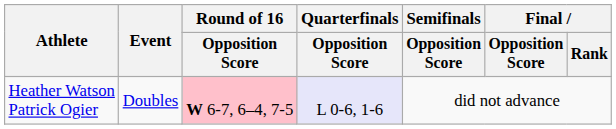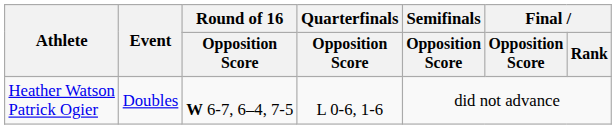 <table class=wikitable style="font-size:90%">
 <tr>
 <th rowspan=2>Athlete</th>
 <th rowspan=2>Event</th>
 <th>Round of 16</th>
 <th>Quarterfinals</th>
 <th>Semifinals</th>
 <th colspan=2>Final / </th>
 </tr>
 <tr style="font-size:95%">
 <th>Opposition<br>Score</th>
 <th>Opposition<br>Score</th>
 <th>Opposition<br>Score</th>
 <th>Opposition<br>Score</th>
 <th>Rank</th>
 </tr>
 <tr align=center>
 <td align=left><a href='#'>Heather Watson</a><br><a href='#'>Patrick Ogier</a></td>
 <td align=left rowspan=2><a href='#'>Doubles</a></td>
-<td style="background: pink;"><br><strong>W</strong> 6-7, 6–4, 7-5</td>
-<td style="background: lavender;"><br>L 0-6, 1-6</td>
+<td><br><strong>W</strong> 6-7, 6–4, 7-5</td>
+<td><br>L 0-6, 1-6</td>
 <td colspan=3>did not advance</td>
 </tr>
 </table>
